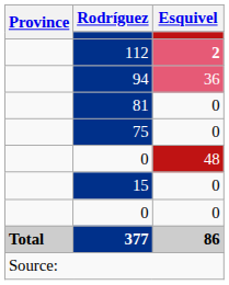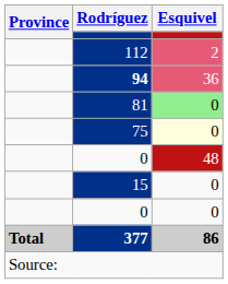 <table class="wikitable sortable" style="text-align:right; font-size:95%">
 <tr>
 <th rowspan=2><a href='#'>Province</a></th>
 <th width=60px><a href='#'>Rodríguez</a></th>
 <th width=60px><a href='#'>Esquivel</a></th>
 </tr>
 <tr>
 <th style="background:#00308A"></th>
 <th style="background:#BF1313"></th>
 </tr>
 <tr>
 <td align="left"></td>
 <td style="background:#00308A; color:white;">112</td>
-<td style="background:#e65a76; color:white;"><strong>2</strong></td>
+<td style="background:#e65a76; color:white;">2</td>
 </tr>
 <tr>
 <td align="left"></td>
-<td style="background:#00308A; color:white;">94</td>
+<td style="background:#00308A; color:white;"><strong>94</strong></td>
 <td style="background:#e65a76; color:white;">36</td>
 </tr>
 <tr>
 <td align="left"></td>
 <td style="background:#00308A; color:white;">81</td>
-<td>0</td>
+<td style="background: lightgreen;">0</td>
 </tr>
 <tr>
 <td align="left"></td>
 <td style="background:#00308A; color:white;">75</td>
-<td>0</td>
+<td style="background: lightyellow;">0</td>
 </tr>
 <tr>
 <td align="left"></td>
 <td>0</td>
 <td style="background:#BF1313; color:white;">48</td>
 </tr>
 <tr>
 <td align="left"></td>
 <td style="background:#00308A; color:white;">15</td>
 <td>0</td>
 </tr>
 <tr>
 <td align="left"></td>
 <td>0</td>
 <td>0</td>
 </tr>
 <tr style="background:#CDCDCD;" class=sortbottom>
 <td align="left"><strong>Total</strong></td>
 <td style="background:#00308A; color:white;"><strong>377</strong></td>
 <td><strong>86</strong></td>
 </tr>
 <tr class=sortbottom>
 <td align=left colspan=11>Source: </td>
 </tr>
 </table>
